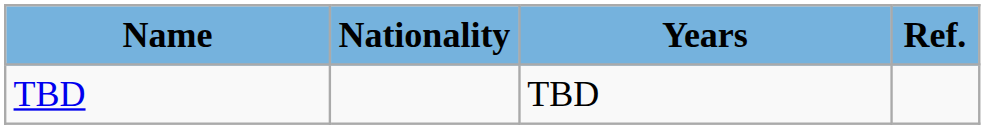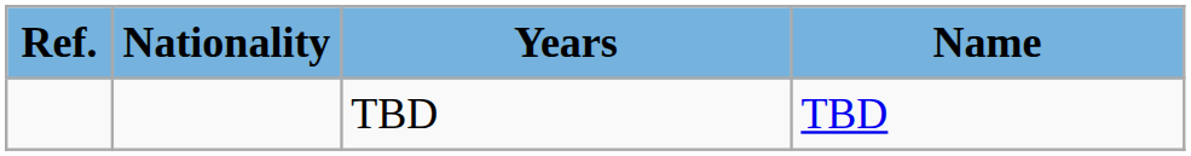 <table class="wikitable" style="text-align:left; font-size:95%;">
 <tr>
-<th style="background:#75b2dd; width:130px;"><span>Name</span></th>
+<th style="background:#75b2dd; width:30px;"><span>Ref.</span></th>
 <th style="background:#75b2dd; width:60px;"><span>Nationality</span></th>
 <th style="background:#75b2dd; width:150px;"><span>Years</span></th>
-<th style="background:#75b2dd; width:30px;"><span>Ref.</span></th>
+<th style="background:#75b2dd; width:130px;"><span>Name</span></th>
 </tr>
 <tr>
-<td><a href='#'>TBD</a></td>
+<td></td>
 <td></td>
 <td>TBD</td>
-<td></td>
+<td><a href='#'>TBD</a></td>
 </tr>
 </table>
